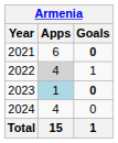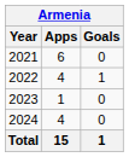 <table class="wikitable" style="text-align:center">
 <tr>
 <th colspan=4><a href='#'>Armenia</a></th>
 </tr>
 <tr>
 <th>Year</th>
 <th>Apps</th>
 <th>Goals</th>
 </tr>
 <tr>
 <td>2021</td>
 <td>6</td>
-<td><strong>0</strong></td>
+<td>0</td>
 </tr>
 <tr>
 <td>2022</td>
-<td style="background: lightgrey;">4</td>
+<td>4</td>
 <td>1</td>
 </tr>
 <tr>
 <td>2023</td>
-<td style="background: lightblue;">1</td>
-<td><strong>0</strong></td>
+<td>1</td>
+<td>0</td>
 </tr>
 <tr>
 <td>2024</td>
 <td>4</td>
 <td>0</td>
 </tr>
 <tr>
 <th>Total</th>
 <th>15</th>
 <th>1</th>
 </tr>
 </table>
